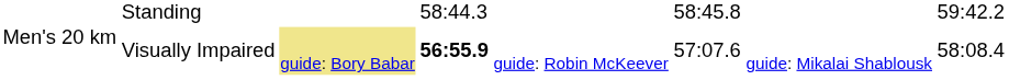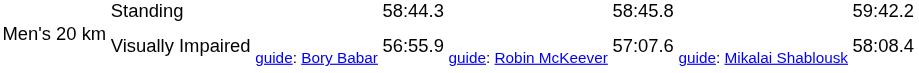 <table>
 <tr>
 <td rowspan="2">Men's 20 km</td>
 <td>Standing</td>
 <td></td>
 <td>58:44.3</td>
 <td></td>
 <td>58:45.8</td>
 <td></td>
 <td>59:42.2</td>
 </tr>
 <tr>
 <td>Visually Impaired</td>
-<td style="background: khaki;"><br><small><a href='#'>guide</a>: <a href='#'>Bory Babar</a></small></td>
-<td><strong>56:55.9</strong></td>
+<td><br><small><a href='#'>guide</a>: <a href='#'>Bory Babar</a></small></td>
+<td>56:55.9</td>
 <td><br><small><a href='#'>guide</a>: <a href='#'>Robin McKeever</a></small></td>
 <td>57:07.6</td>
 <td><br><small><a href='#'>guide</a>: <a href='#'>Mikalai Shablousk</a></small></td>
 <td>58:08.4</td>
 </tr>
 </table>
